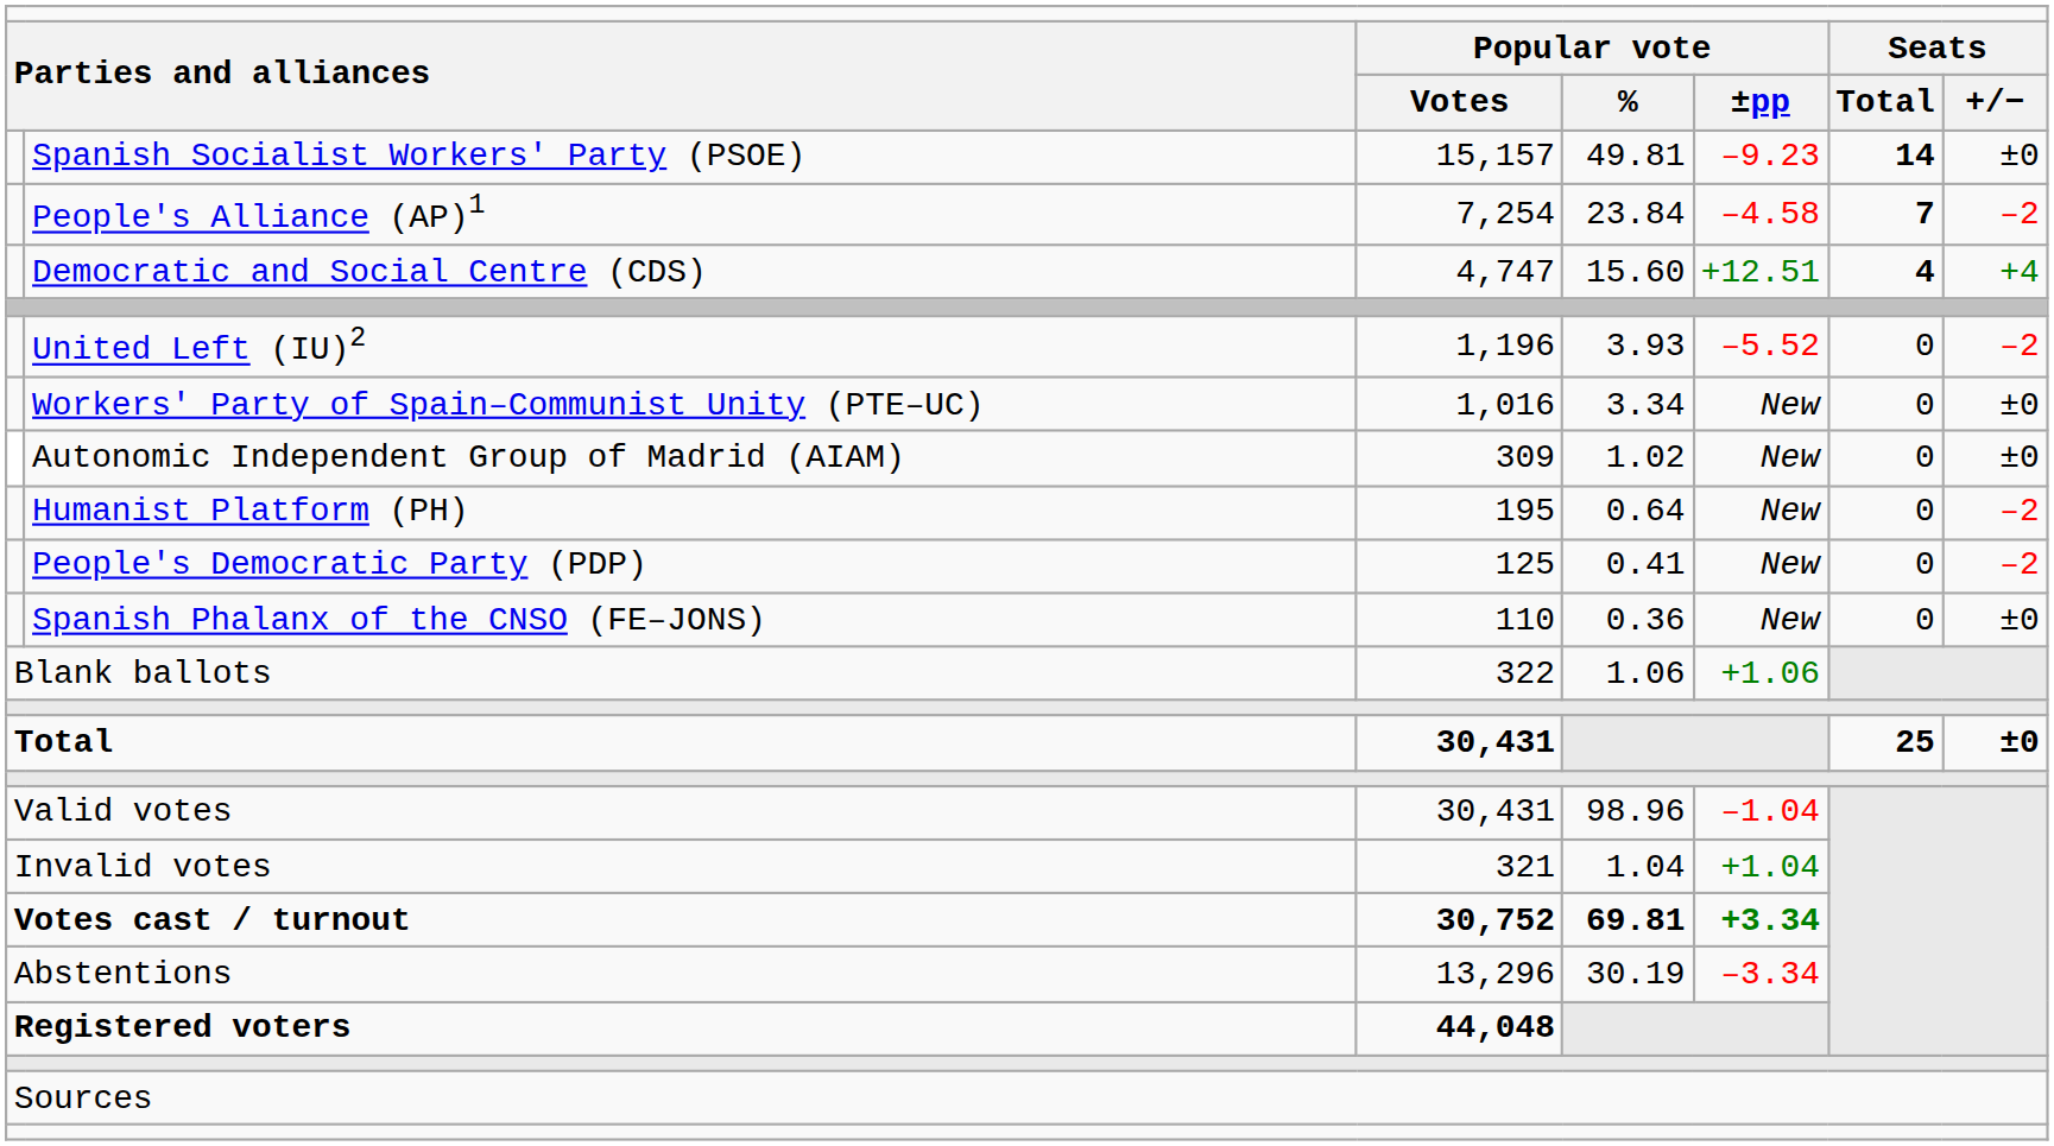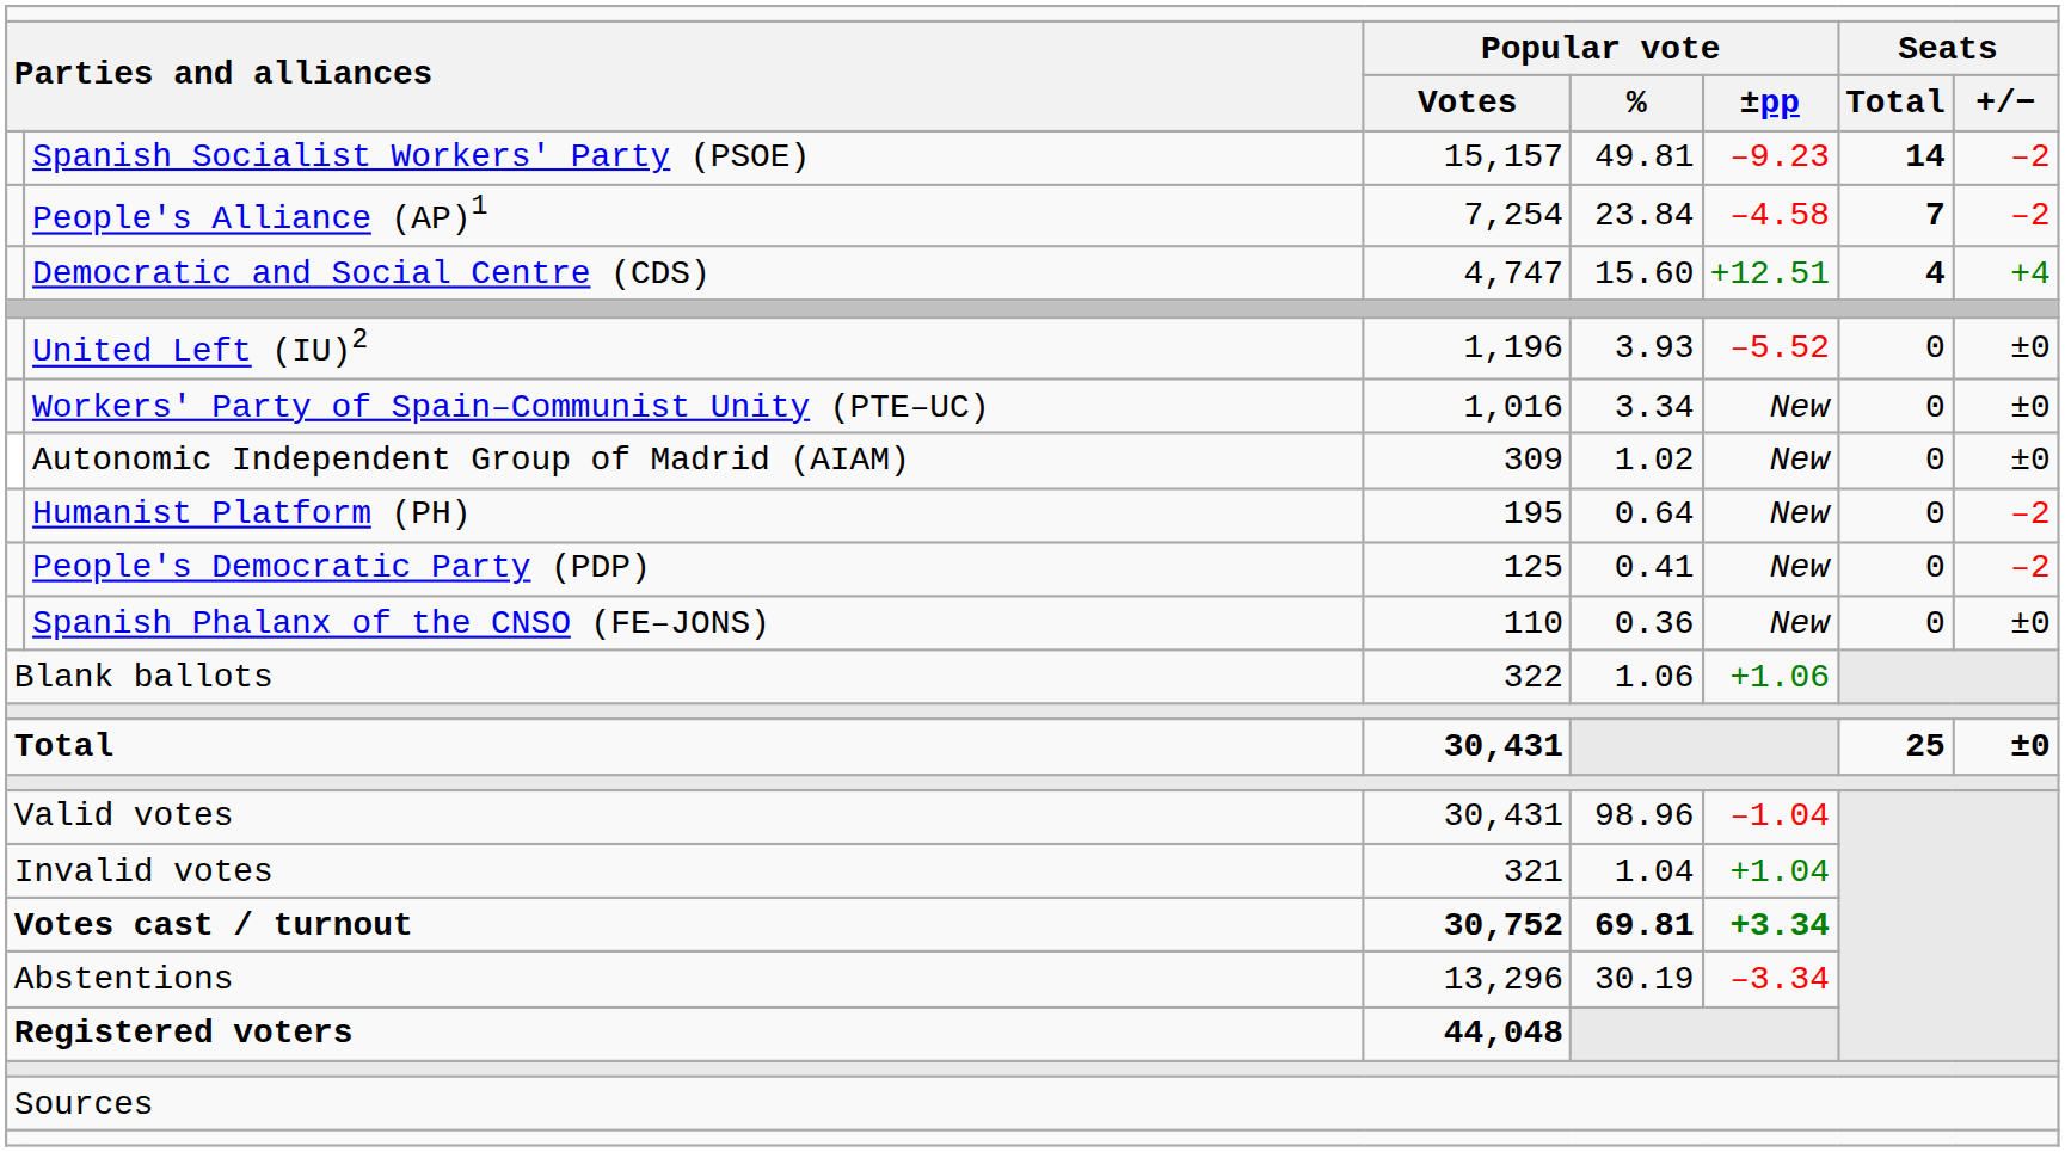 <table class="wikitable" style="text-align:right;">
 <tr>
 <td colspan="7"></td>
 </tr>
 <tr>
 <th style="text-align:left;" rowspan="2" colspan="2" width="525">Parties and alliances</th>
 <th colspan="3">Popular vote</th>
 <th colspan="2">Seats</th>
 </tr>
 <tr>
 <th width="75">Votes</th>
 <th width="45">%</th>
 <th width="45">±<a href='#'>pp</a></th>
 <th width="35">Total</th>
 <th width="35">+/−</th>
 </tr>
 <tr>
 <td width="1" style="color:inherit;background:"></td>
 <td align="left"><a href='#'>Spanish Socialist Workers' Party</a> (PSOE)</td>
 <td>15,157</td>
 <td>49.81</td>
 <td style="color:red;">–9.23</td>
 <td><strong>14</strong></td>
-<td>±0</td>
+<td style="color:red;">–2</td>
 </tr>
 <tr>
 <td style="color:inherit;background:"></td>
 <td align="left"><a href='#'>People's Alliance</a> (AP)<sup>1</sup></td>
 <td>7,254</td>
 <td>23.84</td>
 <td style="color:red;">–4.58</td>
 <td><strong>7</strong></td>
 <td style="color:red;">–2</td>
 </tr>
 <tr>
 <td style="color:inherit;background:"></td>
 <td align="left"><a href='#'>Democratic and Social Centre</a> (CDS)</td>
 <td>4,747</td>
 <td>15.60</td>
 <td style="color:green;">+12.51</td>
 <td><strong>4</strong></td>
 <td style="color:green;">+4</td>
 </tr>
 <tr>
 <td colspan="7" bgcolor="#C0C0C0"></td>
 </tr>
 <tr>
 <td style="color:inherit;background:"></td>
 <td align="left"><a href='#'>United Left</a> (IU)<sup>2</sup></td>
 <td>1,196</td>
 <td>3.93</td>
 <td style="color:red;">–5.52</td>
 <td>0</td>
-<td style="color:red;">–2</td>
+<td>±0</td>
 </tr>
 <tr>
 <td style="color:inherit;background:"></td>
 <td align="left"><a href='#'>Workers' Party of Spain–Communist Unity</a> (PTE–UC)</td>
 <td>1,016</td>
 <td>3.34</td>
 <td><em>New</em></td>
 <td>0</td>
 <td>±0</td>
 </tr>
 <tr>
 <td bgcolor="white"></td>
 <td align="left">Autonomic Independent Group of Madrid (AIAM)</td>
 <td>309</td>
 <td>1.02</td>
 <td><em>New</em></td>
 <td>0</td>
 <td>±0</td>
 </tr>
 <tr>
 <td style="color:inherit;background:"></td>
 <td align="left"><a href='#'>Humanist Platform</a> (PH)</td>
 <td>195</td>
 <td>0.64</td>
 <td><em>New</em></td>
 <td>0</td>
 <td style="color:red;">–2</td>
 </tr>
 <tr>
 <td style="color:inherit;background:"></td>
 <td align="left"><a href='#'>People's Democratic Party</a> (PDP)</td>
 <td>125</td>
 <td>0.41</td>
 <td><em>New</em></td>
 <td>0</td>
 <td style="color:red;">–2</td>
 </tr>
 <tr>
 <td style="color:inherit;background:"></td>
 <td align="left"><a href='#'>Spanish Phalanx of the CNSO</a> (FE–JONS)</td>
 <td>110</td>
 <td>0.36</td>
 <td><em>New</em></td>
 <td>0</td>
 <td>±0</td>
 </tr>
 <tr>
 <td align="left" colspan="2">Blank ballots</td>
 <td>322</td>
 <td>1.06</td>
 <td style="color:green;">+1.06</td>
 <td bgcolor="#E9E9E9" colspan="2"></td>
 </tr>
 <tr>
 <td colspan="7" bgcolor="#E9E9E9"></td>
 </tr>
 <tr style="font-weight:bold;">
 <td align="left" colspan="2">Total</td>
 <td>30,431</td>
 <td bgcolor="#E9E9E9" colspan="2"></td>
 <td>25</td>
 <td>±0</td>
 </tr>
 <tr>
 <td colspan="7" bgcolor="#E9E9E9"></td>
 </tr>
 <tr>
 <td align="left" colspan="2">Valid votes</td>
 <td>30,431</td>
 <td>98.96</td>
 <td style="color:red;">–1.04</td>
 <td bgcolor="#E9E9E9" colspan="2" rowspan="5"></td>
 </tr>
 <tr>
 <td align="left" colspan="2">Invalid votes</td>
 <td>321</td>
 <td>1.04</td>
 <td style="color:green;">+1.04</td>
 </tr>
 <tr style="font-weight:bold;">
 <td align="left" colspan="2">Votes cast / turnout</td>
 <td>30,752</td>
 <td>69.81</td>
 <td style="color:green;">+3.34</td>
 </tr>
 <tr>
 <td align="left" colspan="2">Abstentions</td>
 <td>13,296</td>
 <td>30.19</td>
 <td style="color:red;">–3.34</td>
 </tr>
 <tr style="font-weight:bold;">
 <td align="left" colspan="2">Registered voters</td>
 <td>44,048</td>
 <td bgcolor="#E9E9E9" colspan="2"></td>
 </tr>
 <tr>
 <td colspan="7" bgcolor="#E9E9E9"></td>
 </tr>
 <tr>
 <td align="left" colspan="7">Sources</td>
 </tr>
 <tr>
 <td colspan="7" style="text-align:left; max-width:790px;"></td>
 </tr>
 </table>
